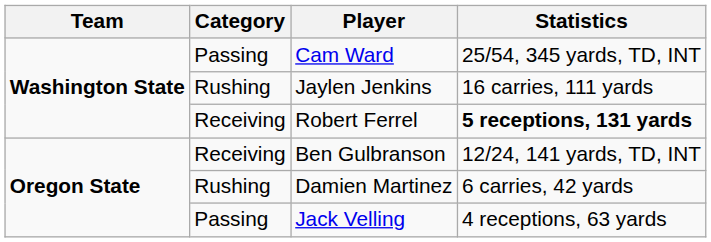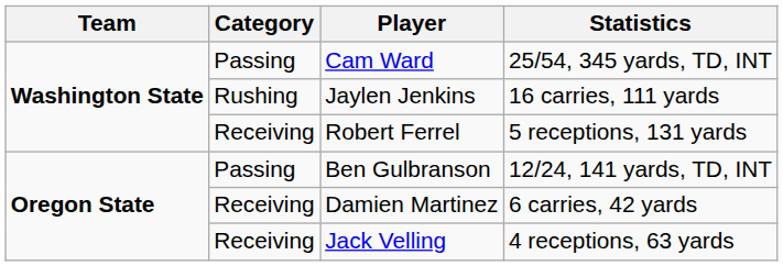 <table class="wikitable" style="float: right;">
 <tr>
 <th>Team</th>
 <th>Category</th>
 <th>Player</th>
 <th>Statistics</th>
 </tr>
 <tr>
 <td rowspan=3><strong>Washington State</strong></td>
 <td>Passing</td>
 <td><a href='#'>Cam Ward</a></td>
 <td>25/54, 345 yards, TD, INT</td>
 </tr>
 <tr>
 <td>Rushing</td>
 <td>Jaylen Jenkins</td>
 <td>16 carries, 111 yards</td>
 </tr>
 <tr>
 <td>Receiving</td>
 <td>Robert Ferrel</td>
-<td><strong>5 receptions, 131 yards</strong></td>
+<td>5 receptions, 131 yards</td>
 </tr>
 <tr>
 <td rowspan=3><strong>Oregon State</strong></td>
-<td>Receiving</td>
+<td>Passing</td>
 <td>Ben Gulbranson</td>
 <td>12/24, 141 yards, TD, INT</td>
 </tr>
 <tr>
-<td>Rushing</td>
+<td>Receiving</td>
 <td>Damien Martinez</td>
 <td>6 carries, 42 yards</td>
 </tr>
 <tr>
-<td>Passing</td>
+<td>Receiving</td>
 <td><a href='#'>Jack Velling</a></td>
 <td>4 receptions, 63 yards</td>
 </tr>
 </table>
